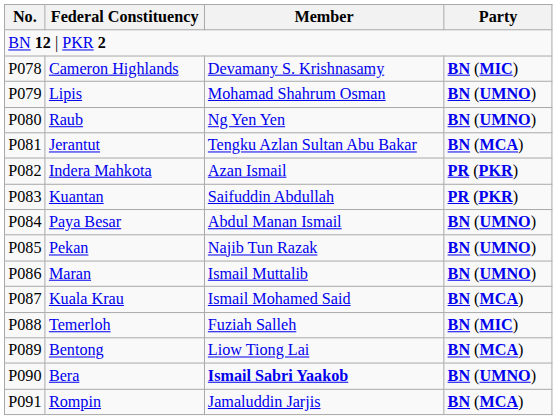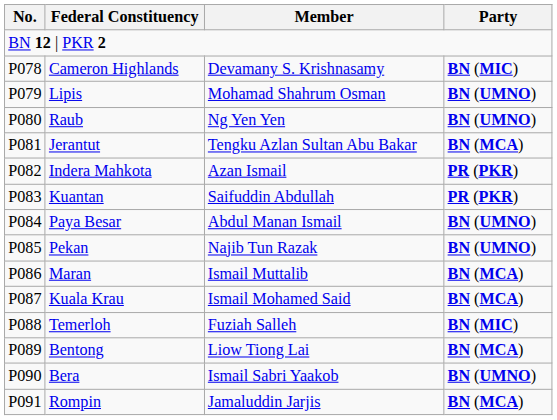 <table class ="wikitable sortable">
 <tr>
 <th style="width:30px;">No.</th>
 <th style="width:150px;">Federal Constituency</th>
 <th style="width:230px;">Member</th>
 <th style="width:100px;">Party</th>
 </tr>
 <tr>
 <td colspan="4"><a href='#'>BN</a> <strong>12</strong> | <a href='#'>PKR</a> <strong>2</strong></td>
 </tr>
 <tr>
 <td>P078</td>
 <td><a href='#'>Cameron Highlands</a></td>
 <td><a href='#'>Devamany S. Krishnasamy</a></td>
 <td><strong><a href='#'>BN</a></strong> (<strong><a href='#'>MIC</a></strong>)</td>
 </tr>
 <tr>
 <td>P079</td>
 <td><a href='#'>Lipis</a></td>
 <td><a href='#'>Mohamad Shahrum Osman</a></td>
 <td><strong><a href='#'>BN</a></strong> (<strong><a href='#'>UMNO</a></strong>)</td>
 </tr>
 <tr>
 <td>P080</td>
 <td><a href='#'>Raub</a></td>
 <td><a href='#'>Ng Yen Yen</a></td>
 <td><strong><a href='#'>BN</a></strong> (<strong><a href='#'>UMNO</a></strong>)</td>
 </tr>
 <tr>
 <td>P081</td>
 <td><a href='#'>Jerantut</a></td>
 <td><a href='#'>Tengku Azlan Sultan Abu Bakar</a></td>
 <td><strong><a href='#'>BN</a></strong> (<strong><a href='#'>MCA</a></strong>)</td>
 </tr>
 <tr>
 <td>P082</td>
 <td><a href='#'>Indera Mahkota</a></td>
 <td><a href='#'>Azan Ismail</a></td>
 <td><strong><a href='#'>PR</a></strong> (<strong><a href='#'>PKR</a></strong>)</td>
 </tr>
 <tr>
 <td>P083</td>
 <td><a href='#'>Kuantan</a></td>
 <td><a href='#'>Saifuddin Abdullah</a></td>
 <td><strong><a href='#'>PR</a></strong> (<strong><a href='#'>PKR</a></strong>)</td>
 </tr>
 <tr>
 <td>P084</td>
 <td><a href='#'>Paya Besar</a></td>
 <td><a href='#'>Abdul Manan Ismail</a></td>
 <td><strong><a href='#'>BN</a></strong> (<strong><a href='#'>UMNO</a></strong>)</td>
 </tr>
 <tr>
 <td>P085</td>
 <td><a href='#'>Pekan</a></td>
 <td><a href='#'>Najib Tun Razak</a></td>
 <td><strong><a href='#'>BN</a></strong> (<strong><a href='#'>UMNO</a></strong>)</td>
 </tr>
 <tr>
 <td>P086</td>
 <td><a href='#'>Maran</a></td>
 <td><a href='#'>Ismail Muttalib</a></td>
-<td><strong><a href='#'>BN</a></strong> (<strong><a href='#'>UMNO</a></strong>)</td>
+<td><strong><a href='#'>BN</a></strong> (<strong><a href='#'>MCA</a></strong>)</td>
 </tr>
 <tr>
 <td>P087</td>
 <td><a href='#'>Kuala Krau</a></td>
 <td><a href='#'>Ismail Mohamed Said</a></td>
 <td><strong><a href='#'>BN</a></strong> (<strong><a href='#'>MCA</a></strong>)</td>
 </tr>
 <tr>
 <td>P088</td>
 <td><a href='#'>Temerloh</a></td>
 <td><a href='#'>Fuziah Salleh</a></td>
 <td><strong><a href='#'>BN</a></strong> (<strong><a href='#'>MIC</a></strong>)</td>
 </tr>
 <tr>
 <td>P089</td>
 <td><a href='#'>Bentong</a></td>
 <td><a href='#'>Liow Tiong Lai</a></td>
 <td><strong><a href='#'>BN</a></strong> (<strong><a href='#'>MCA</a></strong>)</td>
 </tr>
 <tr>
 <td>P090</td>
 <td><a href='#'>Bera</a></td>
-<td><strong><a href='#'>Ismail Sabri Yaakob</a></strong></td>
+<td><a href='#'>Ismail Sabri Yaakob</a></td>
 <td><strong><a href='#'>BN</a></strong> (<strong><a href='#'>UMNO</a></strong>)</td>
 </tr>
 <tr>
 <td>P091</td>
 <td><a href='#'>Rompin</a></td>
 <td><a href='#'>Jamaluddin Jarjis</a></td>
 <td><strong><a href='#'>BN</a></strong> (<strong><a href='#'>MCA</a></strong>)</td>
 </tr>
 </table>
